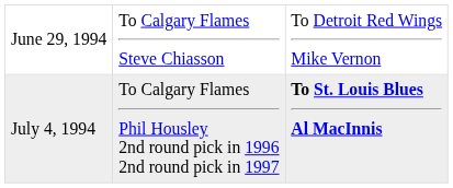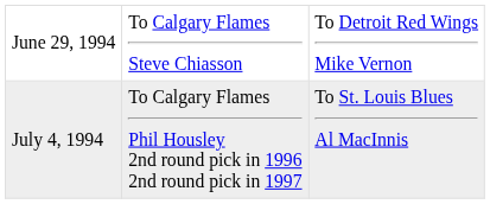 <table border=1 style="border-collapse:collapse" bordercolor="#DFDFDF"  cellpadding="5">
 <tr>
 <td>June 29, 1994</td>
 <td valign="top">To  <a href='#'>Calgary Flames</a> <hr><a href='#'>Steve Chiasson</a></td>
 <td valign="top">To  <a href='#'>Detroit Red Wings</a> <hr><a href='#'>Mike Vernon</a></td>
 </tr>
 <tr bgcolor="#eeeeee">
 <td>July 4, 1994</td>
 <td valign="top">To  Calgary Flames <hr><a href='#'>Phil Housley</a><br>2nd round pick in <a href='#'>1996</a><br>2nd round pick in <a href='#'>1997</a></td>
-<td valign="top"><strong>To  <a href='#'>St. Louis Blues</a> <hr><a href='#'>Al MacInnis</a></strong></td>
+<td valign="top">To  <a href='#'>St. Louis Blues</a> <hr><a href='#'>Al MacInnis</a></td>
 </tr>
 </table>
